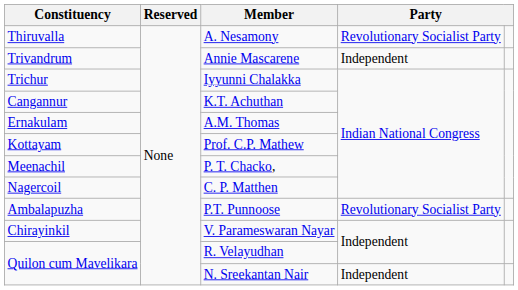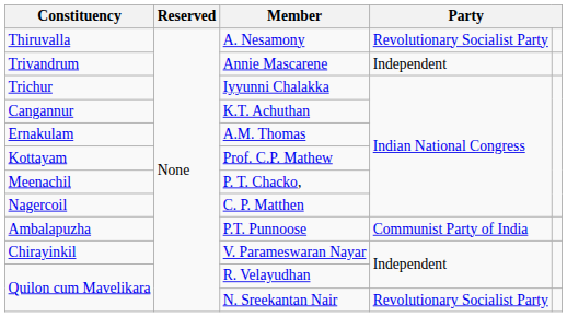 <table class="wikitable">
 <tr>
 <th>Constituency</th>
 <th>Reserved</th>
 <th>Member</th>
 <th colspan=2>Party</th>
 </tr>
 <tr>
 <td><a href='#'>Thiruvalla</a></td>
 <td rowspan=12>None</td>
 <td><a href='#'>A. Nesamony</a></td>
 <td><a href='#'>Revolutionary Socialist Party</a></td>
 <td></td>
 </tr>
 <tr>
 <td><a href='#'>Trivandrum</a></td>
 <td><a href='#'>Annie Mascarene</a></td>
 <td>Independent</td>
 <td></td>
 </tr>
 <tr>
 <td><a href='#'>Trichur</a></td>
 <td><a href='#'>Iyyunni Chalakka</a></td>
 <td rowspan=6><a href='#'>Indian National Congress</a></td>
 <td rowspan=6 width="4px" style="background-color: "></td>
 </tr>
 <tr>
 <td><a href='#'>Cangannur</a></td>
 <td><a href='#'>K.T. Achuthan</a></td>
 </tr>
 <tr>
 <td><a href='#'>Ernakulam</a></td>
 <td><a href='#'>A.M. Thomas</a></td>
 </tr>
 <tr>
 <td><a href='#'>Kottayam</a></td>
 <td><a href='#'>Prof. C.P. Mathew</a></td>
 </tr>
 <tr>
 <td><a href='#'>Meenachil</a></td>
 <td><a href='#'>P. T. Chacko</a>,</td>
 </tr>
 <tr>
 <td><a href='#'>Nagercoil</a></td>
 <td><a href='#'>C. P. Matthen</a></td>
 </tr>
 <tr>
 <td><a href='#'>Ambalapuzha</a></td>
 <td><a href='#'>P.T. Punnoose</a></td>
-<td><a href='#'>Revolutionary Socialist Party</a></td>
+<td><a href='#'>Communist Party of India</a></td>
 <td width="4px" style="background-color: "></td>
 </tr>
 <tr>
 <td><a href='#'>Chirayinkil</a></td>
 <td><a href='#'>V. Parameswaran Nayar</a></td>
 <td rowspan=2>Independent</td>
 <td rowspan=2></td>
 </tr>
 <tr>
 <td rowspan=2><a href='#'>Quilon cum Mavelikara</a></td>
 <td><a href='#'>R. Velayudhan</a></td>
 </tr>
 <tr>
 <td><a href='#'>N. Sreekantan Nair</a></td>
-<td>Independent</td>
+<td><a href='#'>Revolutionary Socialist Party</a></td>
 <td></td>
 </tr>
 </table>
